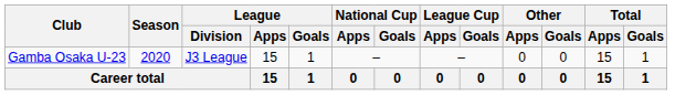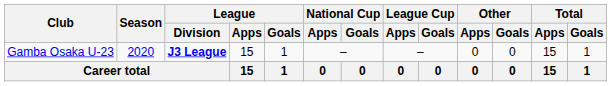 <table class="wikitable" style="text-align: center">
 <tr>
 <th rowspan="2">Club</th>
 <th rowspan="2">Season</th>
 <th colspan="3">League</th>
 <th colspan="2">National Cup</th>
 <th colspan="2">League Cup</th>
 <th colspan="2">Other</th>
 <th colspan="2">Total</th>
 </tr>
 <tr>
 <th>Division</th>
 <th>Apps</th>
 <th>Goals</th>
 <th>Apps</th>
 <th>Goals</th>
 <th>Apps</th>
 <th>Goals</th>
 <th>Apps</th>
 <th>Goals</th>
 <th>Apps</th>
 <th>Goals</th>
 </tr>
 <tr>
 <td><a href='#'>Gamba Osaka U-23</a></td>
 <td><a href='#'>2020</a></td>
-<td><a href='#'>J3 League</a></td>
+<td><strong><a href='#'>J3 League</a></strong></td>
 <td>15</td>
 <td>1</td>
 <td colspan="2">–</td>
 <td colspan="2">–</td>
 <td>0</td>
 <td>0</td>
 <td>15</td>
 <td>1</td>
 </tr>
 <tr>
 <th colspan=3>Career total</th>
 <th>15</th>
 <th>1</th>
 <th>0</th>
 <th>0</th>
 <th>0</th>
 <th>0</th>
 <th>0</th>
 <th>0</th>
 <th>15</th>
 <th>1</th>
 </tr>
 </table>
